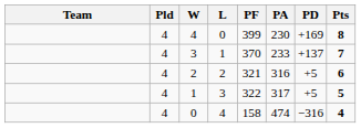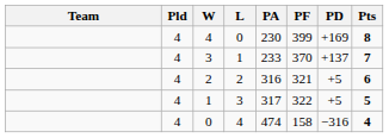 <table class=wikitable style="text-align:center">
 <tr>
 <th width=180>Team</th>
 <th width=30>Pld</th>
 <th width=30>W</th>
 <th width=30>L</th>
+<th width=30>PA</th>
 <th width=30>PF</th>
-<th width=30>PA</th>
 <th width=30>PD</th>
 <th width=30>Pts</th>
 </tr>
 <tr>
 <td align="left"></td>
 <td>4</td>
 <td>4</td>
 <td>0</td>
+<td>230</td>
 <td>399</td>
-<td>230</td>
 <td>+169</td>
 <td><strong>8</strong></td>
 </tr>
 <tr>
 <td align="left"></td>
 <td>4</td>
 <td>3</td>
 <td>1</td>
+<td>233</td>
 <td>370</td>
-<td>233</td>
 <td>+137</td>
 <td><strong>7</strong></td>
 </tr>
 <tr>
 <td align="left"></td>
 <td>4</td>
 <td>2</td>
 <td>2</td>
+<td>316</td>
 <td>321</td>
-<td>316</td>
 <td>+5</td>
 <td><strong>6</strong></td>
 </tr>
 <tr>
 <td align="left"></td>
 <td>4</td>
 <td>1</td>
 <td>3</td>
+<td>317</td>
 <td>322</td>
-<td>317</td>
 <td>+5</td>
 <td><strong>5</strong></td>
 </tr>
 <tr>
 <td align="left"></td>
 <td>4</td>
 <td>0</td>
 <td>4</td>
+<td>474</td>
 <td>158</td>
-<td>474</td>
 <td>−316</td>
 <td><strong>4</strong></td>
 </tr>
 </table>
